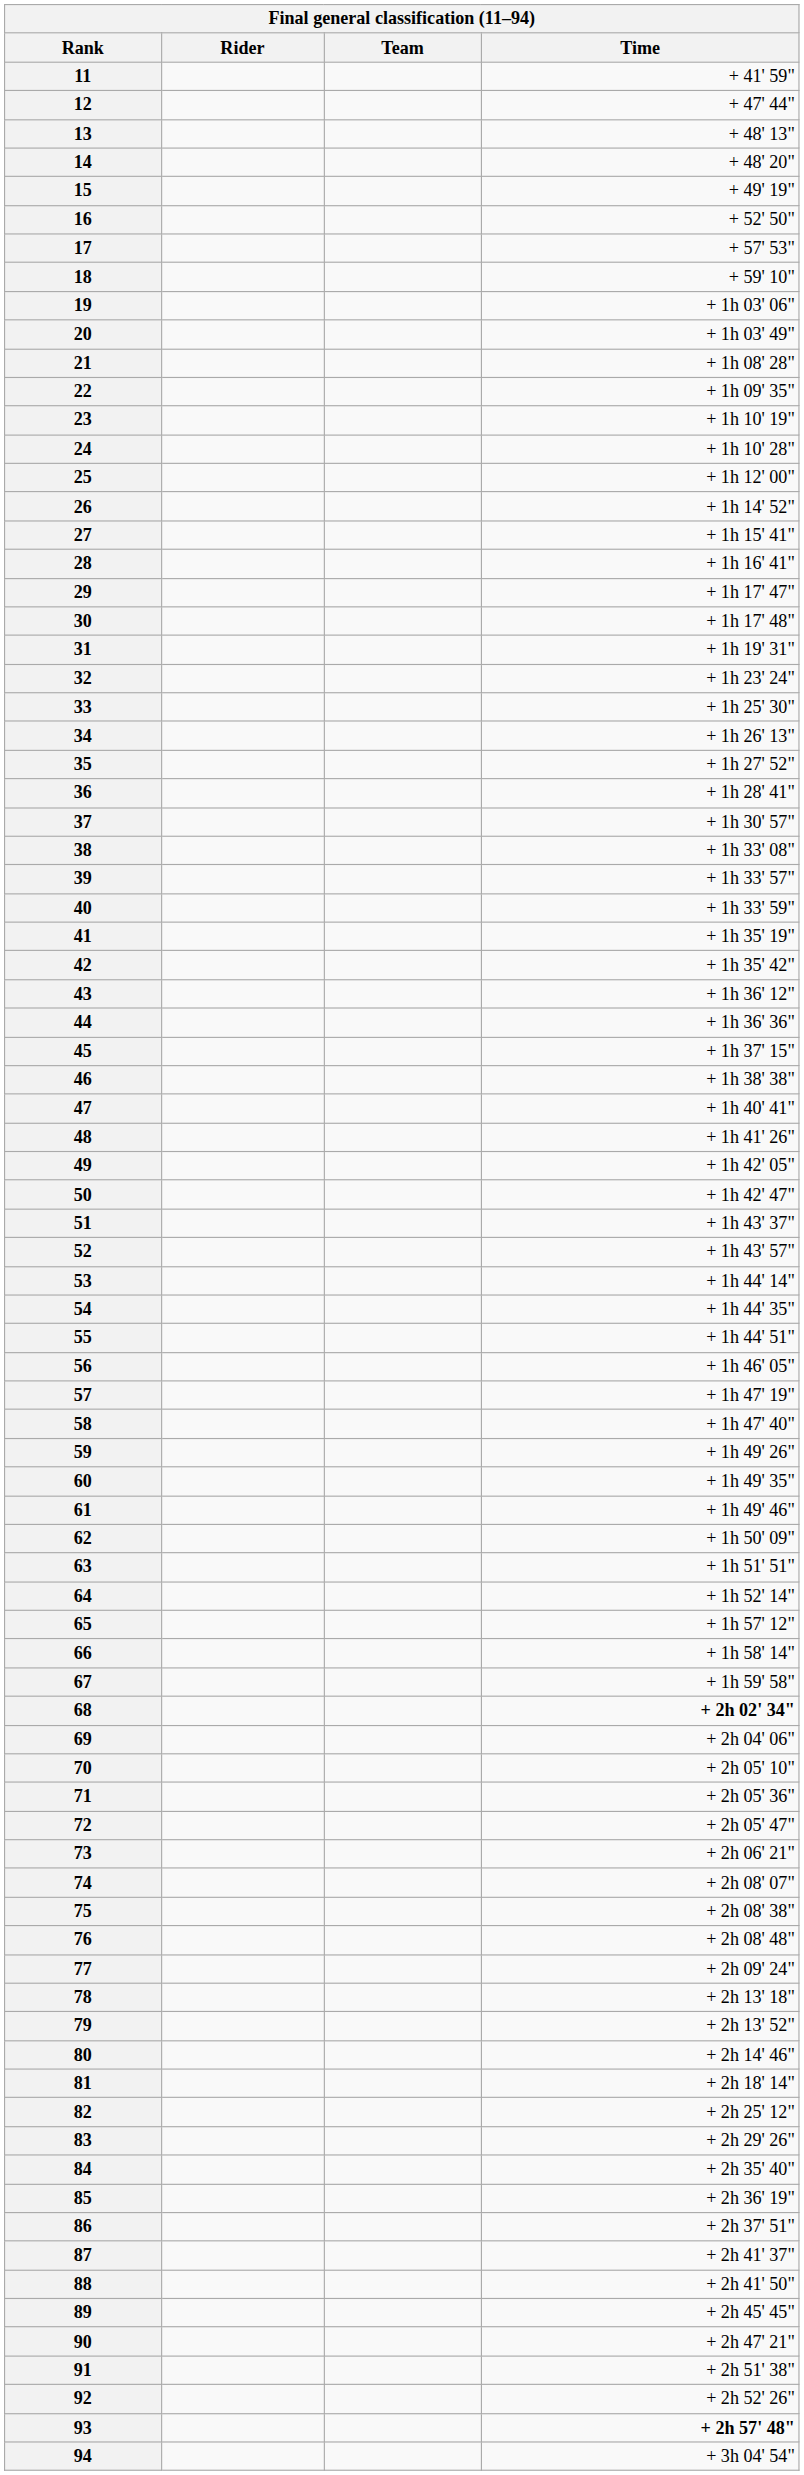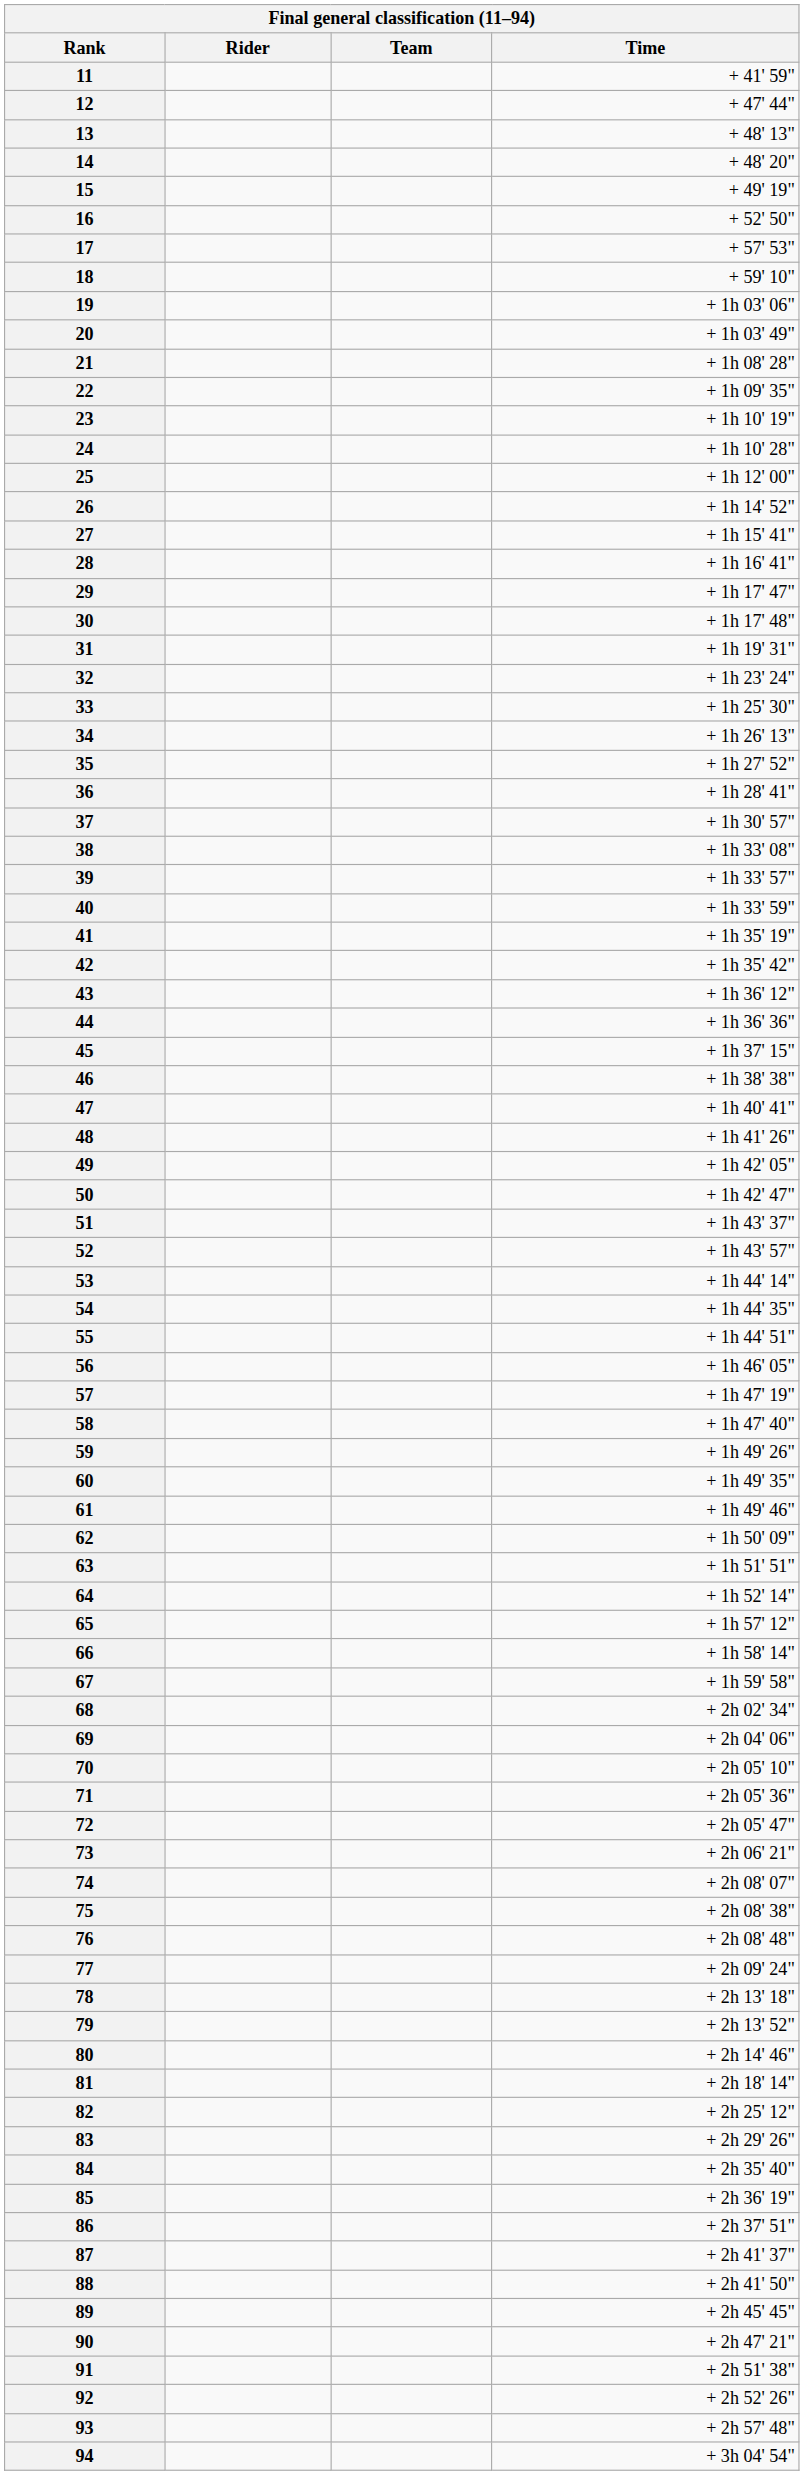 <table class="collapsible collapsed wikitable" style="width:44em;margin-top:-1px;">
 <tr>
 <th scope="col" colspan="4">Final general classification (11–94)</th>
 </tr>
 <tr>
 <th scope="col">Rank</th>
 <th scope="col">Rider</th>
 <th scope="col">Team</th>
 <th scope="col">Time</th>
 </tr>
 <tr>
 <th scope="row">11</th>
 <td></td>
 <td></td>
 <td style="text-align:right;">+ 41' 59"</td>
 </tr>
 <tr>
 <th scope="row">12</th>
 <td></td>
 <td></td>
 <td style="text-align:right;">+ 47' 44"</td>
 </tr>
 <tr>
 <th scope="row">13</th>
 <td></td>
 <td></td>
 <td style="text-align:right;">+ 48' 13"</td>
 </tr>
 <tr>
 <th scope="row">14</th>
 <td></td>
 <td></td>
 <td style="text-align:right;">+ 48' 20"</td>
 </tr>
 <tr>
 <th scope="row">15</th>
 <td></td>
 <td></td>
 <td style="text-align:right;">+ 49' 19"</td>
 </tr>
 <tr>
 <th scope="row">16</th>
 <td></td>
 <td></td>
 <td style="text-align:right;">+ 52' 50"</td>
 </tr>
 <tr>
 <th scope="row">17</th>
 <td></td>
 <td></td>
 <td style="text-align:right;">+ 57' 53"</td>
 </tr>
 <tr>
 <th scope="row">18</th>
 <td></td>
 <td></td>
 <td style="text-align:right;">+ 59' 10"</td>
 </tr>
 <tr>
 <th scope="row">19</th>
 <td></td>
 <td></td>
 <td style="text-align:right;">+ 1h 03' 06"</td>
 </tr>
 <tr>
 <th scope="row">20</th>
 <td></td>
 <td></td>
 <td style="text-align:right;">+ 1h 03' 49"</td>
 </tr>
 <tr>
 <th scope="row">21</th>
 <td></td>
 <td></td>
 <td style="text-align:right;">+ 1h 08' 28"</td>
 </tr>
 <tr>
 <th scope="row">22</th>
 <td></td>
 <td></td>
 <td style="text-align:right;">+ 1h 09' 35"</td>
 </tr>
 <tr>
 <th scope="row">23</th>
 <td></td>
 <td></td>
 <td style="text-align:right;">+ 1h 10' 19"</td>
 </tr>
 <tr>
 <th scope="row">24</th>
 <td></td>
 <td></td>
 <td style="text-align:right;">+ 1h 10' 28"</td>
 </tr>
 <tr>
 <th scope="row">25</th>
 <td></td>
 <td></td>
 <td style="text-align:right;">+ 1h 12' 00"</td>
 </tr>
 <tr>
 <th scope="row">26</th>
 <td></td>
 <td></td>
 <td style="text-align:right;">+ 1h 14' 52"</td>
 </tr>
 <tr>
 <th scope="row">27</th>
 <td></td>
 <td></td>
 <td style="text-align:right;">+ 1h 15' 41"</td>
 </tr>
 <tr>
 <th scope="row">28</th>
 <td></td>
 <td></td>
 <td style="text-align:right;">+ 1h 16' 41"</td>
 </tr>
 <tr>
 <th scope="row">29</th>
 <td></td>
 <td></td>
 <td style="text-align:right;">+ 1h 17' 47"</td>
 </tr>
 <tr>
 <th scope="row">30</th>
 <td></td>
 <td></td>
 <td style="text-align:right;">+ 1h 17' 48"</td>
 </tr>
 <tr>
 <th scope="row">31</th>
 <td></td>
 <td></td>
 <td style="text-align:right;">+ 1h 19' 31"</td>
 </tr>
 <tr>
 <th scope="row">32</th>
 <td></td>
 <td></td>
 <td style="text-align:right;">+ 1h 23' 24"</td>
 </tr>
 <tr>
 <th scope="row">33</th>
 <td></td>
 <td></td>
 <td style="text-align:right;">+ 1h 25' 30"</td>
 </tr>
 <tr>
 <th scope="row">34</th>
 <td></td>
 <td></td>
 <td style="text-align:right;">+ 1h 26' 13"</td>
 </tr>
 <tr>
 <th scope="row">35</th>
 <td></td>
 <td></td>
 <td style="text-align:right;">+ 1h 27' 52"</td>
 </tr>
 <tr>
 <th scope="row">36</th>
 <td></td>
 <td></td>
 <td style="text-align:right;">+ 1h 28' 41"</td>
 </tr>
 <tr>
 <th scope="row">37</th>
 <td></td>
 <td></td>
 <td style="text-align:right;">+ 1h 30' 57"</td>
 </tr>
 <tr>
 <th scope="row">38</th>
 <td></td>
 <td></td>
 <td style="text-align:right;">+ 1h 33' 08"</td>
 </tr>
 <tr>
 <th scope="row">39</th>
 <td></td>
 <td></td>
 <td style="text-align:right;">+ 1h 33' 57"</td>
 </tr>
 <tr>
 <th scope="row">40</th>
 <td></td>
 <td></td>
 <td style="text-align:right;">+ 1h 33' 59"</td>
 </tr>
 <tr>
 <th scope="row">41</th>
 <td></td>
 <td></td>
 <td style="text-align:right;">+ 1h 35' 19"</td>
 </tr>
 <tr>
 <th scope="row">42</th>
 <td></td>
 <td></td>
 <td style="text-align:right;">+ 1h 35' 42"</td>
 </tr>
 <tr>
 <th scope="row">43</th>
 <td></td>
 <td></td>
 <td style="text-align:right;">+ 1h 36' 12"</td>
 </tr>
 <tr>
 <th scope="row">44</th>
 <td></td>
 <td></td>
 <td style="text-align:right;">+ 1h 36' 36"</td>
 </tr>
 <tr>
 <th scope="row">45</th>
 <td></td>
 <td></td>
 <td style="text-align:right;">+ 1h 37' 15"</td>
 </tr>
 <tr>
 <th scope="row">46</th>
 <td></td>
 <td></td>
 <td style="text-align:right;">+ 1h 38' 38"</td>
 </tr>
 <tr>
 <th scope="row">47</th>
 <td></td>
 <td></td>
 <td style="text-align:right;">+ 1h 40' 41"</td>
 </tr>
 <tr>
 <th scope="row">48</th>
 <td></td>
 <td></td>
 <td style="text-align:right;">+ 1h 41' 26"</td>
 </tr>
 <tr>
 <th scope="row">49</th>
 <td></td>
 <td></td>
 <td style="text-align:right;">+ 1h 42' 05"</td>
 </tr>
 <tr>
 <th scope="row">50</th>
 <td></td>
 <td></td>
 <td style="text-align:right;">+ 1h 42' 47"</td>
 </tr>
 <tr>
 <th scope="row">51</th>
 <td></td>
 <td></td>
 <td style="text-align:right;">+ 1h 43' 37"</td>
 </tr>
 <tr>
 <th scope="row">52</th>
 <td></td>
 <td></td>
 <td style="text-align:right;">+ 1h 43' 57"</td>
 </tr>
 <tr>
 <th scope="row">53</th>
 <td></td>
 <td></td>
 <td style="text-align:right;">+ 1h 44' 14"</td>
 </tr>
 <tr>
 <th scope="row">54</th>
 <td></td>
 <td></td>
 <td style="text-align:right;">+ 1h 44' 35"</td>
 </tr>
 <tr>
 <th scope="row">55</th>
 <td></td>
 <td></td>
 <td style="text-align:right;">+ 1h 44' 51"</td>
 </tr>
 <tr>
 <th scope="row">56</th>
 <td></td>
 <td></td>
 <td style="text-align:right;">+ 1h 46' 05"</td>
 </tr>
 <tr>
 <th scope="row">57</th>
 <td></td>
 <td></td>
 <td style="text-align:right;">+ 1h 47' 19"</td>
 </tr>
 <tr>
 <th scope="row">58</th>
 <td></td>
 <td></td>
 <td style="text-align:right;">+ 1h 47' 40"</td>
 </tr>
 <tr>
 <th scope="row">59</th>
 <td></td>
 <td></td>
 <td style="text-align:right;">+ 1h 49' 26"</td>
 </tr>
 <tr>
 <th scope="row">60</th>
 <td></td>
 <td></td>
 <td style="text-align:right;">+ 1h 49' 35"</td>
 </tr>
 <tr>
 <th scope="row">61</th>
 <td></td>
 <td></td>
 <td style="text-align:right;">+ 1h 49' 46"</td>
 </tr>
 <tr>
 <th scope="row">62</th>
 <td></td>
 <td></td>
 <td style="text-align:right;">+ 1h 50' 09"</td>
 </tr>
 <tr>
 <th scope="row">63</th>
 <td></td>
 <td></td>
 <td style="text-align:right;">+ 1h 51' 51"</td>
 </tr>
 <tr>
 <th scope="row">64</th>
 <td></td>
 <td></td>
 <td style="text-align:right;">+ 1h 52' 14"</td>
 </tr>
 <tr>
 <th scope="row">65</th>
 <td></td>
 <td></td>
 <td style="text-align:right;">+ 1h 57' 12"</td>
 </tr>
 <tr>
 <th scope="row">66</th>
 <td></td>
 <td></td>
 <td style="text-align:right;">+ 1h 58' 14"</td>
 </tr>
 <tr>
 <th scope="row">67</th>
 <td></td>
 <td></td>
 <td style="text-align:right;">+ 1h 59' 58"</td>
 </tr>
 <tr>
 <th scope="row">68</th>
 <td></td>
 <td></td>
-<td style="text-align:right;"><strong>+ 2h 02' 34"</strong></td>
+<td style="text-align:right;">+ 2h 02' 34"</td>
 </tr>
 <tr>
 <th scope="row">69</th>
 <td></td>
 <td></td>
 <td style="text-align:right;">+ 2h 04' 06"</td>
 </tr>
 <tr>
 <th scope="row">70</th>
 <td></td>
 <td></td>
 <td style="text-align:right;">+ 2h 05' 10"</td>
 </tr>
 <tr>
 <th scope="row">71</th>
 <td></td>
 <td></td>
 <td style="text-align:right;">+ 2h 05' 36"</td>
 </tr>
 <tr>
 <th scope="row">72</th>
 <td></td>
 <td></td>
 <td style="text-align:right;">+ 2h 05' 47"</td>
 </tr>
 <tr>
 <th scope="row">73</th>
 <td></td>
 <td></td>
 <td style="text-align:right;">+ 2h 06' 21"</td>
 </tr>
 <tr>
 <th scope="row">74</th>
 <td></td>
 <td></td>
 <td style="text-align:right;">+ 2h 08' 07"</td>
 </tr>
 <tr>
 <th scope="row">75</th>
 <td></td>
 <td></td>
 <td style="text-align:right;">+ 2h 08' 38"</td>
 </tr>
 <tr>
 <th scope="row">76</th>
 <td></td>
 <td></td>
 <td style="text-align:right;">+ 2h 08' 48"</td>
 </tr>
 <tr>
 <th scope="row">77</th>
 <td></td>
 <td></td>
 <td style="text-align:right;">+ 2h 09' 24"</td>
 </tr>
 <tr>
 <th scope="row">78</th>
 <td></td>
 <td></td>
 <td style="text-align:right;">+ 2h 13' 18"</td>
 </tr>
 <tr>
 <th scope="row">79</th>
 <td></td>
 <td></td>
 <td style="text-align:right;">+ 2h 13' 52"</td>
 </tr>
 <tr>
 <th scope="row">80</th>
 <td></td>
 <td></td>
 <td style="text-align:right;">+ 2h 14' 46"</td>
 </tr>
 <tr>
 <th scope="row">81</th>
 <td></td>
 <td></td>
 <td style="text-align:right;">+ 2h 18' 14"</td>
 </tr>
 <tr>
 <th scope="row">82</th>
 <td></td>
 <td></td>
 <td style="text-align:right;">+ 2h 25' 12"</td>
 </tr>
 <tr>
 <th scope="row">83</th>
 <td></td>
 <td></td>
 <td style="text-align:right;">+ 2h 29' 26"</td>
 </tr>
 <tr>
 <th scope="row">84</th>
 <td></td>
 <td></td>
 <td style="text-align:right;">+ 2h 35' 40"</td>
 </tr>
 <tr>
 <th scope="row">85</th>
 <td></td>
 <td></td>
 <td style="text-align:right;">+ 2h 36' 19"</td>
 </tr>
 <tr>
 <th scope="row">86</th>
 <td></td>
 <td></td>
 <td style="text-align:right;">+ 2h 37' 51"</td>
 </tr>
 <tr>
 <th scope="row">87</th>
 <td></td>
 <td></td>
 <td style="text-align:right;">+ 2h 41' 37"</td>
 </tr>
 <tr>
 <th scope="row">88</th>
 <td></td>
 <td></td>
 <td style="text-align:right;">+ 2h 41' 50"</td>
 </tr>
 <tr>
 <th scope="row">89</th>
 <td></td>
 <td></td>
 <td style="text-align:right;">+ 2h 45' 45"</td>
 </tr>
 <tr>
 <th scope="row">90</th>
 <td></td>
 <td></td>
 <td style="text-align:right;">+ 2h 47' 21"</td>
 </tr>
 <tr>
 <th scope="row">91</th>
 <td></td>
 <td></td>
 <td style="text-align:right;">+ 2h 51' 38"</td>
 </tr>
 <tr>
 <th scope="row">92</th>
 <td></td>
 <td></td>
 <td style="text-align:right;">+ 2h 52' 26"</td>
 </tr>
 <tr>
 <th scope="row">93</th>
 <td></td>
 <td></td>
-<td style="text-align:right;"><strong>+ 2h 57' 48"</strong></td>
+<td style="text-align:right;">+ 2h 57' 48"</td>
 </tr>
 <tr>
 <th scope="row">94</th>
 <td></td>
 <td></td>
 <td style="text-align:right;">+ 3h 04' 54"</td>
 </tr>
 </table>
